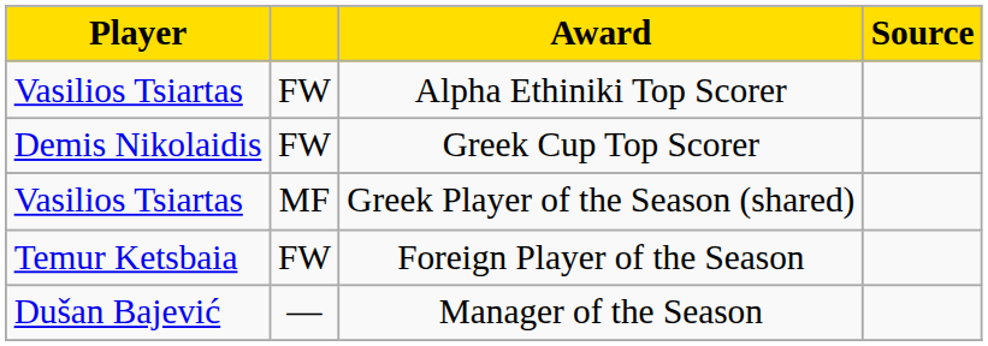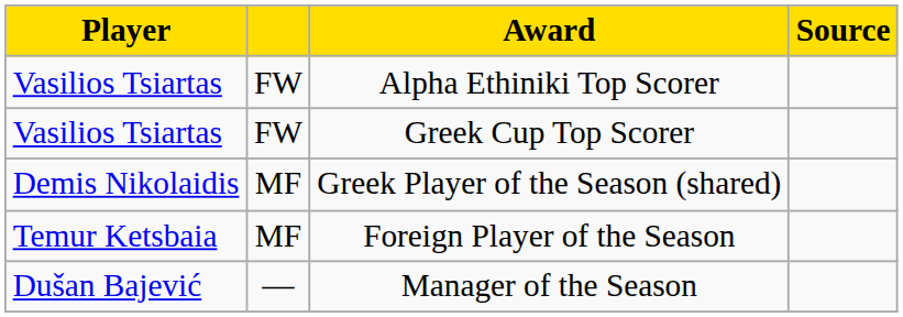 <table class="wikitable">
 <tr>
 <th style="background:#FFDE00">Player</th>
 <th style="background:#FFDE00"></th>
 <th style="background:#FFDE00">Award</th>
 <th style="background:#FFDE00">Source</th>
 </tr>
 <tr>
 <td> <a href='#'>Vasilios Tsiartas</a></td>
 <td align="center">FW</td>
 <td align="center">Alpha Ethiniki Top Scorer</td>
 <td align="center"></td>
 </tr>
 <tr>
-<td> <a href='#'>Demis Nikolaidis</a></td>
+<td> <a href='#'>Vasilios Tsiartas</a></td>
 <td align="center">FW</td>
 <td align="center">Greek Cup Top Scorer</td>
 <td align="center"></td>
 </tr>
 <tr>
-<td> <a href='#'>Vasilios Tsiartas</a></td>
+<td> <a href='#'>Demis Nikolaidis</a></td>
 <td align="center">MF</td>
 <td align="center">Greek Player of the Season (shared)</td>
 <td align="center"></td>
 </tr>
 <tr>
 <td> <a href='#'>Temur Ketsbaia</a></td>
-<td align="center">FW</td>
+<td align="center">MF</td>
 <td align="center">Foreign Player of the Season</td>
 <td align="center"></td>
 </tr>
 <tr>
 <td> <a href='#'>Dušan Bajević</a></td>
 <td align="center">—</td>
 <td align="center">Manager of the Season</td>
 <td align="center"></td>
 </tr>
 </table>
